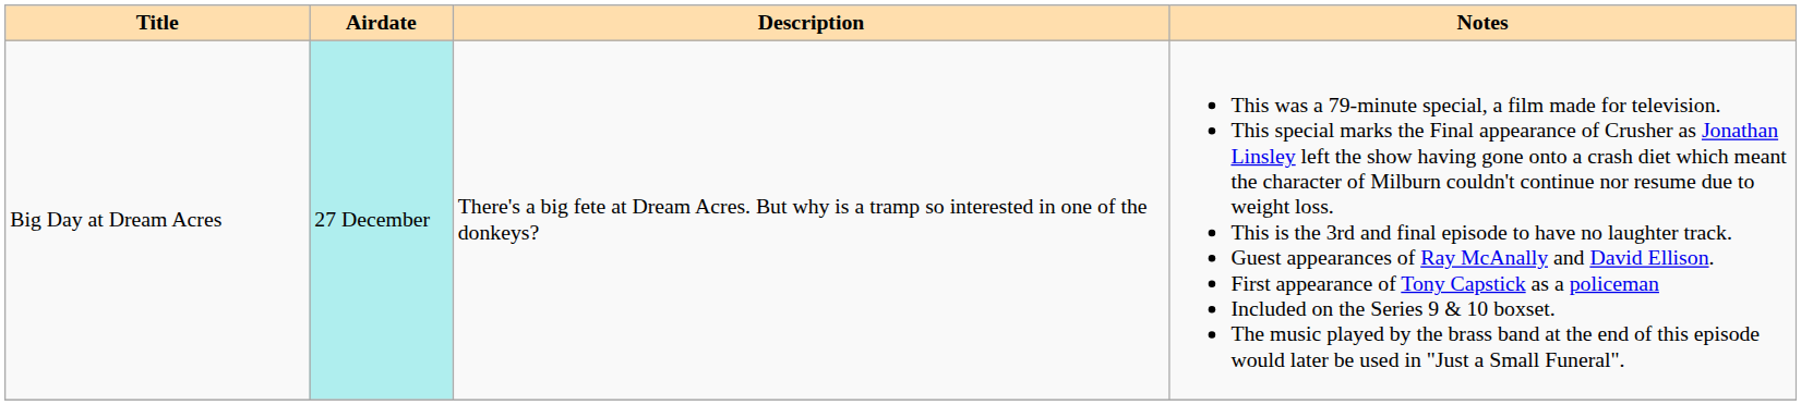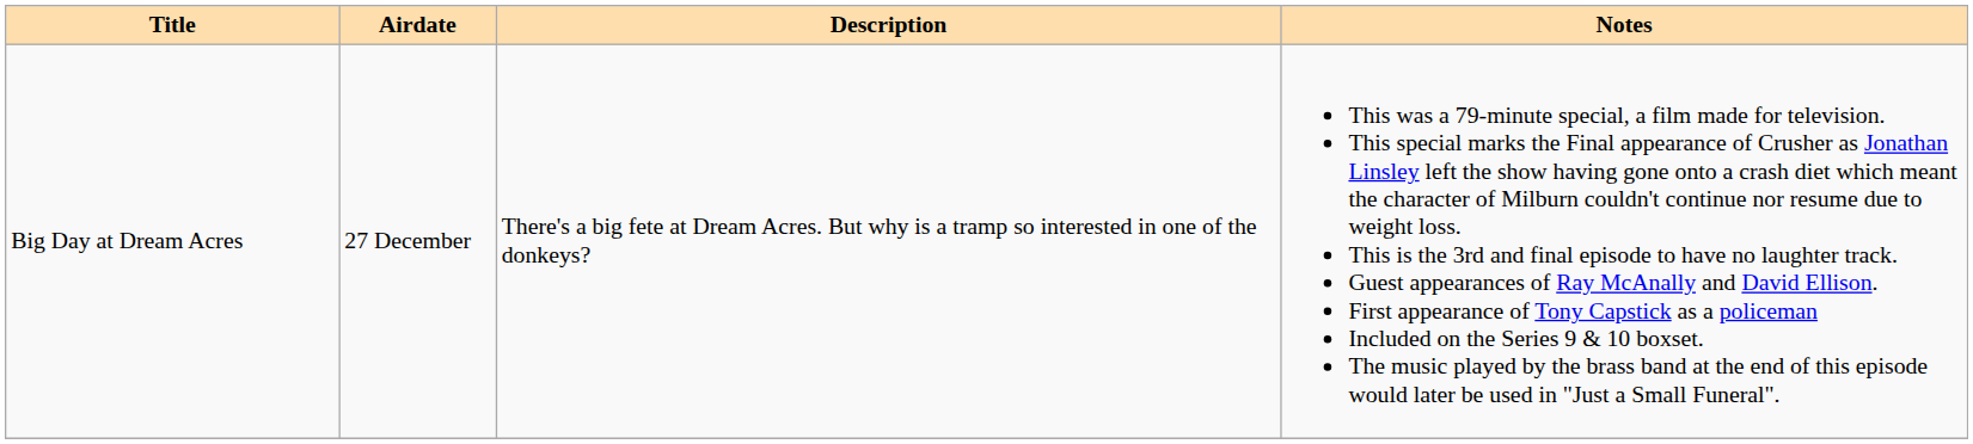 <table class="wikitable" width=100% border=1 style="font-size: 95%">
 <tr>
 <th style="background:#ffdead" width=17%>Title</th>
 <th style="background:#ffdead" width=8%>Airdate</th>
 <th style="background:#ffdead" width=40%>Description</th>
 <th style="background:#ffdead" width=35%>Notes</th>
 </tr>
 <tr>
 <td>Big Day at Dream Acres</td>
-<td style="background: paleturquoise;">27 December</td>
+<td>27 December</td>
 <td>There's a big fete at Dream Acres. But why is a tramp so interested in one of the donkeys?</td>
 <td><br><ul><li>This was a 79-minute special, a film made for television.</li><li>This special marks the Final appearance of Crusher as <a href='#'>Jonathan Linsley</a> left the show having gone onto a crash diet which meant the character of Milburn couldn't continue nor resume due to weight loss.</li><li>This is the 3rd and final episode to have no laughter track.</li><li>Guest appearances of <a href='#'>Ray McAnally</a> and <a href='#'>David Ellison</a>.</li><li>First appearance of <a href='#'>Tony Capstick</a> as a <a href='#'>policeman</a></li><li>Included on the Series 9 & 10 boxset.</li><li>The music played by the brass band at the end of this episode would later be used in "Just a Small Funeral".</li></ul></td>
 </tr>
 <tr>
 </tr>
 </table>
